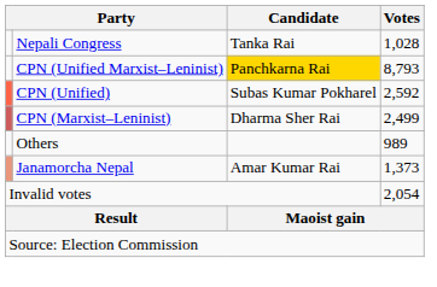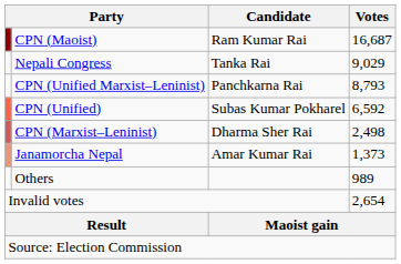 <table class="wikitable">
 <tr>
 <th colspan="2">Party</th>
 <th>Candidate</th>
 <th>Votes</th>
 </tr>
 <tr>
+<td style="background-color:darkred"></td>
+<td><a href='#'>CPN (Maoist)</a></td>
+<td>Ram Kumar Rai</td>
+<td>16,687</td>
+</tr>
+<tr>
 <td style="background-color:"></td>
 <td><a href='#'>Nepali Congress</a></td>
 <td>Tanka Rai</td>
-<td>1,028</td>
+<td>9,029</td>
 </tr>
 <tr>
 <td style="background-color:"></td>
 <td><a href='#'>CPN (Unified Marxist–Leninist)</a></td>
-<td style="background: gold;">Panchkarna Rai</td>
+<td>Panchkarna Rai</td>
 <td>8,793</td>
 </tr>
 <tr>
 <td style="background-color:tomato"></td>
 <td><a href='#'>CPN (Unified)</a></td>
 <td>Subas Kumar Pokharel</td>
-<td>2,592</td>
+<td>6,592</td>
 </tr>
 <tr>
 <td style="background-color:indianred"></td>
 <td><a href='#'>CPN (Marxist–Leninist)</a></td>
 <td>Dharma Sher Rai</td>
-<td>2,499</td>
+<td>2,498</td>
+</tr>
+<tr>
+<td style="background-color:darksalmon"></td>
+<td><a href='#'>Janamorcha Nepal</a></td>
+<td>Amar Kumar Rai</td>
+<td>1,373</td>
 </tr>
 <tr>
 <td></td>
 <td>Others</td>
 <td></td>
 <td>989</td>
 </tr>
 <tr>
-<td style="background-color:darksalmon"></td>
-<td><a href='#'>Janamorcha Nepal</a></td>
-<td>Amar Kumar Rai</td>
-<td>1,373</td>
-</tr>
-<tr>
 <td colspan="3">Invalid votes</td>
-<td>2,054</td>
+<td>2,654</td>
 </tr>
 <tr>
 <th colspan="2">Result</th>
 <th colspan="2">Maoist gain</th>
 </tr>
 <tr>
 <td colspan="4">Source: Election Commission</td>
 </tr>
 </table>
